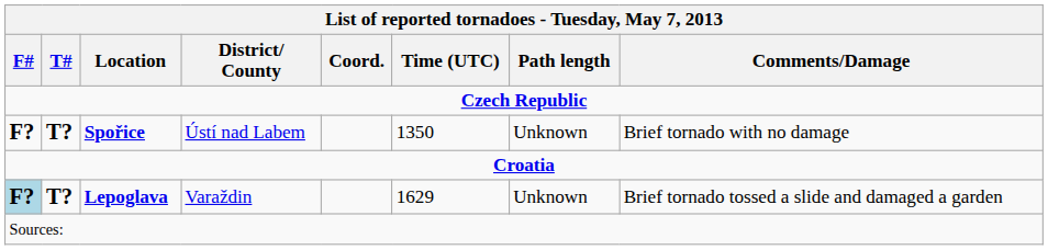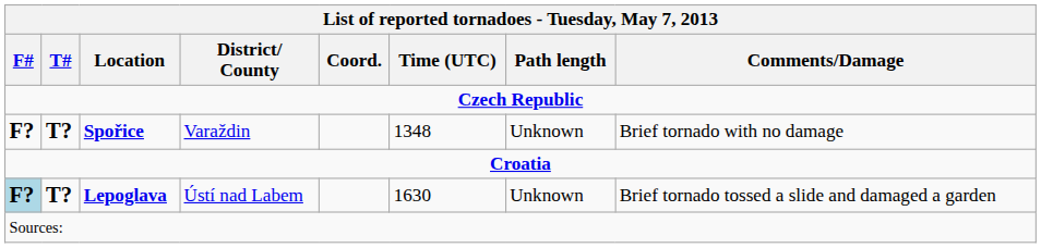 <table class="wikitable collapsible" width="100%">
 <tr>
 <th colspan="8">List of reported tornadoes - Tuesday, May 7, 2013</th>
 </tr>
 <tr>
 <th><a href='#'>F#</a></th>
 <th><a href='#'>T#</a></th>
 <th>Location</th>
 <th>District/<br>County</th>
 <th>Coord.</th>
 <th>Time (UTC)</th>
 <th>Path length</th>
 <th>Comments/Damage</th>
 </tr>
 <tr>
 <td colspan="8" align=center><strong><a href='#'>Czech Republic</a></strong></td>
 </tr>
 <tr>
 <td><big><strong>F?</strong></big></td>
 <td><big><strong>T?</strong></big></td>
 <td><strong><a href='#'>Spořice</a></strong></td>
-<td><a href='#'>Ústí nad Labem</a></td>
+<td><a href='#'>Varaždin</a></td>
 <td></td>
-<td>1350</td>
+<td>1348</td>
 <td>Unknown</td>
 <td>Brief tornado with no damage</td>
 </tr>
 <tr>
 <td colspan="8" align=center><strong><a href='#'>Croatia</a></strong></td>
 </tr>
 <tr>
 <td style="background: lightblue;"><big><strong>F?</strong></big></td>
 <td><big><strong>T?</strong></big></td>
 <td><strong><a href='#'>Lepoglava</a></strong></td>
-<td><a href='#'>Varaždin</a></td>
+<td><a href='#'>Ústí nad Labem</a></td>
 <td></td>
-<td>1629</td>
+<td>1630</td>
 <td>Unknown</td>
 <td>Brief tornado tossed a slide  and damaged a garden</td>
 </tr>
 <tr>
 <td colspan="8"><small>Sources:  </small></td>
 </tr>
 </table>
